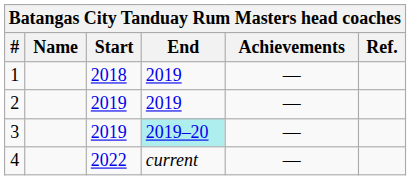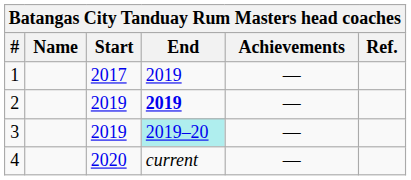 <table class="wikitable sortable">
 <tr>
 <th colspan="6">Batangas City Tanduay Rum Masters head coaches</th>
 </tr>
 <tr>
 <th>#</th>
 <th>Name</th>
 <th>Start</th>
 <th>End</th>
 <th>Achievements</th>
 <th>Ref.</th>
 </tr>
 <tr>
 <td align=center>1</td>
 <td></td>
-<td><a href='#'>2018</a></td>
+<td><a href='#'>2017</a></td>
 <td><a href='#'>2019</a></td>
 <td align=center>—</td>
 <td></td>
 </tr>
 <tr |->
 <td align=center>2</td>
 <td></td>
 <td><a href='#'>2019</a></td>
-<td><a href='#'>2019</a></td>
+<td><strong><a href='#'>2019</a></strong></td>
 <td align=center>—</td>
 <td></td>
 </tr>
 <tr>
 <td align=center>3</td>
 <td></td>
 <td><a href='#'>2019</a></td>
 <td style="background: paleturquoise;"><a href='#'>2019–20</a></td>
 <td align=center>—</td>
 <td></td>
 </tr>
 <tr>
 <td align=center>4</td>
 <td></td>
-<td><a href='#'>2022</a></td>
+<td><a href='#'>2020</a></td>
 <td><em>current</em></td>
 <td align=center>—</td>
 <td></td>
 </tr>
 </table>
